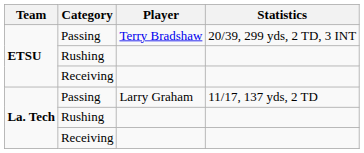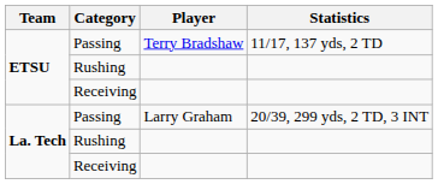 <table class="wikitable">
 <tr>
 <th>Team</th>
 <th>Category</th>
 <th>Player</th>
 <th>Statistics</th>
 </tr>
 <tr>
 <td rowspan=3><strong>ETSU</strong></td>
 <td>Passing</td>
 <td><a href='#'>Terry Bradshaw</a></td>
-<td>20/39, 299 yds, 2 TD, 3 INT</td>
+<td>11/17, 137 yds, 2 TD</td>
 </tr>
 <tr>
 <td>Rushing</td>
 <td></td>
 <td></td>
 </tr>
 <tr>
 <td>Receiving</td>
 <td></td>
 <td></td>
 </tr>
 <tr>
 <td rowspan=3><strong>La. Tech</strong></td>
 <td>Passing</td>
 <td>Larry Graham</td>
-<td>11/17, 137 yds, 2 TD</td>
+<td>20/39, 299 yds, 2 TD, 3 INT</td>
 </tr>
 <tr>
 <td>Rushing</td>
 <td></td>
 <td></td>
 </tr>
 <tr>
 <td>Receiving</td>
 <td></td>
 <td></td>
 </tr>
 </table>
